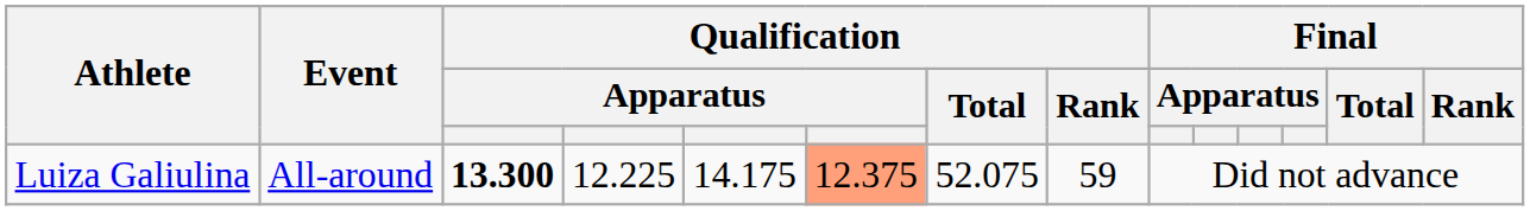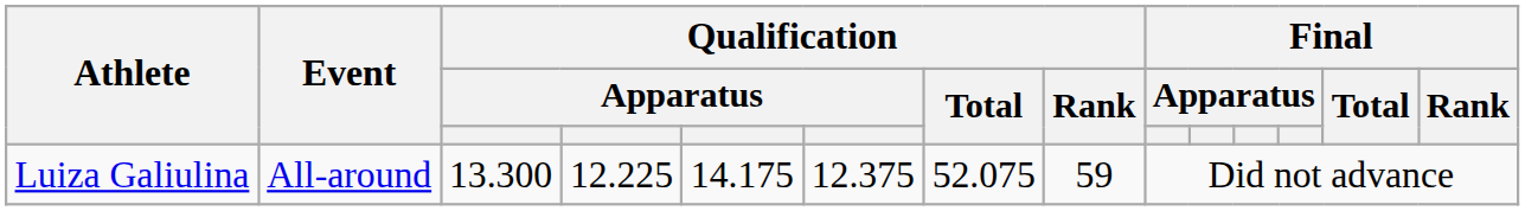 <table class="wikitable" style="font-size:90%">
 <tr>
 <th rowspan=3>Athlete</th>
 <th rowspan=3>Event</th>
 <th colspan=6>Qualification</th>
 <th colspan=6>Final</th>
 </tr>
 <tr style="font-size:95%">
 <th colspan=4>Apparatus</th>
 <th rowspan=2>Total</th>
 <th rowspan=2>Rank</th>
 <th colspan=4>Apparatus</th>
 <th rowspan=2>Total</th>
 <th rowspan=2>Rank</th>
 </tr>
 <tr style="font-size:95%">
 <th></th>
 <th></th>
 <th></th>
 <th></th>
 <th></th>
 <th></th>
 <th></th>
 <th></th>
 </tr>
 <tr align=center>
 <td align=left><a href='#'>Luiza Galiulina</a></td>
 <td align=left><a href='#'>All-around</a></td>
-<td><strong>13.300</strong></td>
+<td>13.300</td>
 <td>12.225</td>
 <td>14.175</td>
-<td style="background: lightsalmon;">12.375</td>
+<td>12.375</td>
 <td>52.075</td>
 <td>59</td>
 <td colspan=6>Did not advance</td>
 </tr>
 </table>
